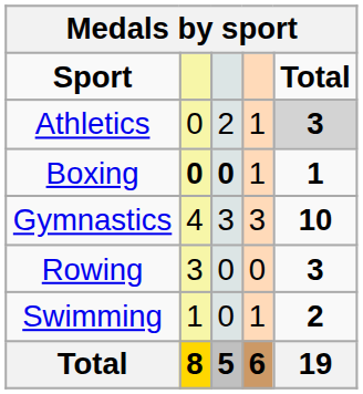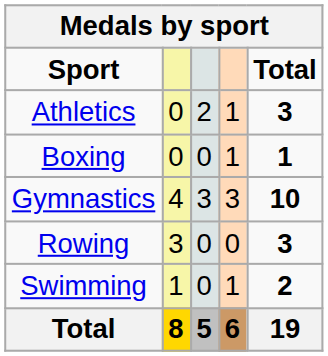 <table class="wikitable" style="font-size:85%; float: right;">
 <tr style="background:#efefef;">
 <th colspan=5><strong>Medals by sport</strong></th>
 </tr>
 <tr align=center>
 <td><strong>Sport</strong></td>
 <td bgcolor=#f7f6a8></td>
 <td bgcolor=#dce5e5></td>
 <td bgcolor=#ffdab9></td>
 <td><strong>Total</strong></td>
 </tr>
 <tr align=center>
 <td><a href='#'>Athletics</a></td>
 <td style="background:#F7F6A8;">0</td>
 <td style="background:#DCE5E5;">2</td>
 <td style="background:#FFDAB9;">1</td>
-<td style="background: lightgrey;"><strong>3</strong></td>
+<td><strong>3</strong></td>
 </tr>
 <tr align=center>
 <td><a href='#'>Boxing</a></td>
-<td style="background:#F7F6A8;"><strong>0</strong></td>
-<td style="background:#DCE5E5;"><strong>0</strong></td>
+<td style="background:#F7F6A8;">0</td>
+<td style="background:#DCE5E5;">0</td>
 <td style="background:#FFDAB9;">1</td>
 <td><strong>1</strong></td>
 </tr>
 <tr align=center>
 <td><a href='#'>Gymnastics</a></td>
 <td style="background:#F7F6A8;">4</td>
 <td style="background:#DCE5E5;">3</td>
 <td style="background:#FFDAB9;">3</td>
 <td><strong>10</strong></td>
 </tr>
 <tr align=center>
 <td><a href='#'>Rowing</a></td>
 <td style="background:#F7F6A8;">3</td>
 <td style="background:#DCE5E5;">0</td>
 <td style="background:#FFDAB9;">0</td>
 <td><strong>3</strong></td>
 </tr>
 <tr align=center>
 <td><a href='#'>Swimming</a></td>
 <td style="background:#F7F6A8;">1</td>
 <td style="background:#DCE5E5;">0</td>
 <td style="background:#FFDAB9;">1</td>
 <td><strong>2</strong></td>
 </tr>
 <tr align=center>
 <th><strong>Total</strong></th>
 <th style="background:gold;"><strong>8</strong></th>
 <th style="background:silver;"><strong>5</strong></th>
 <th style="background:#c96;"><strong>6</strong></th>
 <th><strong>19</strong></th>
 </tr>
 </table>
